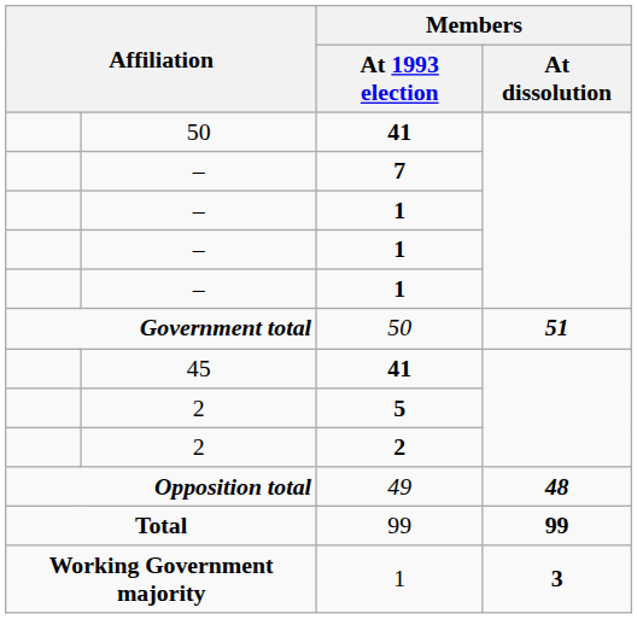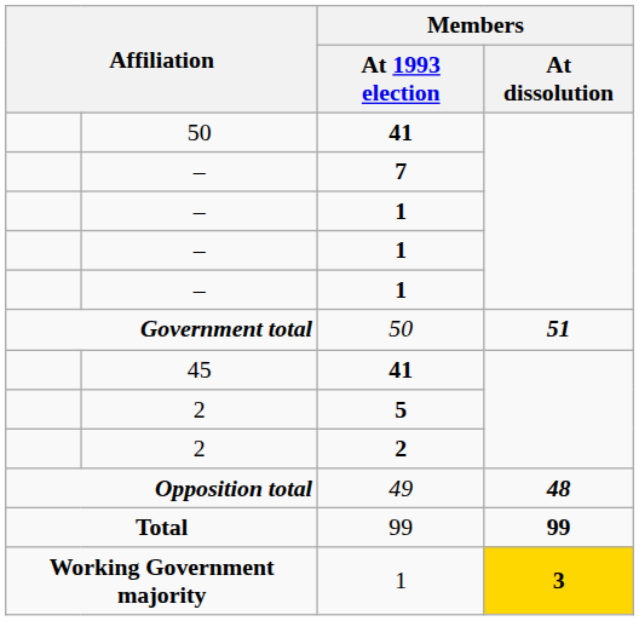 <table class="wikitable" border="1" style="font-size:95%; width:300pt; text-align:center">
 <tr>
 <th colspan="2" rowspan="2" style="text-align:center;vertical-align:middle; ">Affiliation</th>
 <th colspan="2" style="vertical-align:top;">Members</th>
 </tr>
 <tr>
 <th>At <a href='#'>1993 election</a></th>
 <th>At dissolution</th>
 </tr>
 <tr>
 <td></td>
 <td>50</td>
 <td><strong>41</strong></td>
 </tr>
 <tr>
 <td></td>
 <td>–</td>
 <td><strong>7</strong></td>
 </tr>
 <tr>
 <td></td>
 <td>–</td>
 <td><strong>1</strong></td>
 </tr>
 <tr>
 <td></td>
 <td>–</td>
 <td><strong>1</strong></td>
 </tr>
 <tr>
 <td></td>
 <td>–</td>
 <td><strong>1</strong></td>
 </tr>
 <tr>
 <td colspan="2" rowspan="1" style="text-align:right; "><strong><em>Government total</em></strong></td>
 <td><em>50</em></td>
 <td><strong><em>51</em></strong></td>
 </tr>
 <tr>
 <td></td>
 <td>45</td>
 <td><strong>41</strong></td>
 </tr>
 <tr>
 <td></td>
 <td>2</td>
 <td><strong>5</strong></td>
 </tr>
 <tr>
 <td></td>
 <td>2</td>
 <td><strong>2</strong></td>
 </tr>
 <tr>
 <td colspan="2" rowspan="1" style="text-align:right; "><strong><em>Opposition total</em></strong></td>
 <td><em>49</em></td>
 <td><strong><em>48</em></strong></td>
 </tr>
 <tr>
 <td colspan="2" rowspan="1"><strong>Total</strong><br></td>
 <td>99</td>
 <td><strong>99</strong></td>
 </tr>
 <tr>
 <td colspan="2" rowspan="1"><strong>Working Government majority</strong></td>
 <td>1</td>
-<td><strong>3</strong></td>
+<td style="background: gold;"><strong>3</strong></td>
 </tr>
 </table>
